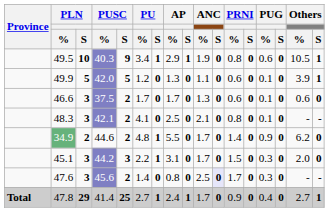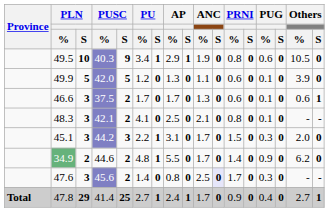 <table class="wikitable sortable" style="text-align:right; font-size:95%; line-height:20px;">
 <tr>
 <th rowspan="3"><a href='#'>Province</a></th>
 <th colspan="2" width="30px"><a href='#'>PLN</a></th>
 <th colspan="2" width="30px"><a href='#'>PUSC</a></th>
 <th colspan="2" width="30px"><a href='#'>PU</a></th>
 <th colspan="2" width="30px">AP</th>
 <th colspan="2" width="30px">ANC</th>
 <th colspan="2" width="30px"><a href='#'>PRNI</a></th>
 <th colspan="2" width="30px">PUG</th>
 <th colspan="2" width="30px">Others</th>
 </tr>
 <tr>
 <th colspan="2" style="background:"></th>
 <th colspan="2" style="background:"></th>
 <th colspan="2" style="background:"></th>
 <th colspan="2" style="background:"></th>
 <th colspan="2" style="background:saddlebrown"></th>
 <th colspan="2" style="background:"></th>
 <th colspan="2" style="background:"></th>
 <th colspan="2" style="background:grey"></th>
 </tr>
 <tr>
 <th data-sort-type="number">%</th>
 <th data-sort-type="number">S</th>
 <th data-sort-type="number">%</th>
 <th data-sort-type="number">S</th>
 <th data-sort-type="number">%</th>
 <th data-sort-type="number">S</th>
 <th data-sort-type="number">%</th>
 <th data-sort-type="number">S</th>
 <th data-sort-type="number">%</th>
 <th data-sort-type="number">S</th>
 <th data-sort-type="number">%</th>
 <th data-sort-type="number">S</th>
 <th data-sort-type="number">%</th>
 <th data-sort-type="number">S</th>
 <th data-sort-type="number">%</th>
 <th data-sort-type="number">S</th>
 </tr>
 <tr>
 <td align="left"></td>
 <td style="background:">49.5</td>
 <td><strong>10</strong></td>
 <td style="background:#7F7FC3; color:white;">40.3</td>
 <td><strong>9</strong></td>
 <td>3.4</td>
 <td><strong>1</strong></td>
 <td>2.9</td>
 <td><strong>1</strong></td>
 <td>1.9</td>
 <td><strong>0</strong></td>
 <td>0.8</td>
 <td><strong>0</strong></td>
 <td>0.6</td>
 <td><strong>0</strong></td>
 <td>10.5</td>
-<td><strong>1</strong></td>
+<td><strong>0</strong></td>
 </tr>
 <tr>
 <td align="left"></td>
 <td style="background:">49.9</td>
 <td><strong>5</strong></td>
 <td style="background:#7F7FC3; color:white;">42.0</td>
 <td><strong>5</strong></td>
 <td>1.2</td>
 <td><strong>0</strong></td>
 <td>1.3</td>
 <td><strong>0</strong></td>
 <td>1.1</td>
 <td><strong>0</strong></td>
 <td>0.6</td>
 <td><strong>0</strong></td>
 <td>0.1</td>
 <td><strong>0</strong></td>
 <td>3.9</td>
-<td><strong>1</strong></td>
+<td><strong>0</strong></td>
 </tr>
 <tr>
 <td align="left"></td>
 <td style="background:">46.6</td>
 <td><strong>3</strong></td>
 <td style="background:#7F7FC3; color:white;">37.5</td>
 <td><strong>2</strong></td>
 <td>1.7</td>
 <td><strong>0</strong></td>
 <td>1.7</td>
 <td><strong>0</strong></td>
 <td>1.3</td>
 <td><strong>0</strong></td>
 <td>0.6</td>
 <td><strong>0</strong></td>
 <td>0.1</td>
 <td><strong>0</strong></td>
 <td>0.6</td>
-<td><strong>0</strong></td>
+<td><strong>1</strong></td>
 </tr>
 <tr>
 <td align="left"></td>
 <td style="background:">48.3</td>
 <td><strong>3</strong></td>
 <td style="background:#7F7FC3; color:white;">42.1</td>
 <td><strong>2</strong></td>
 <td>4.1</td>
 <td><strong>0</strong></td>
 <td>2.5</td>
 <td><strong>0</strong></td>
 <td>2.1</td>
 <td><strong>0</strong></td>
 <td>0.8</td>
 <td><strong>0</strong></td>
 <td>0.1</td>
 <td><strong>0</strong></td>
 <td>-</td>
 <td><strong>-</strong></td>
 </tr>
 <tr>
 <td align="left"></td>
+<td style="background:">45.1</td>
+<td><strong>3</strong></td>
+<td style="background:#7F7FC3; color:white;">44.2</td>
+<td><strong>3</strong></td>
+<td>2.2</td>
+<td><strong>1</strong></td>
+<td>3.1</td>
+<td><strong>0</strong></td>
+<td>1.7</td>
+<td><strong>0</strong></td>
+<td>1.5</td>
+<td><strong>0</strong></td>
+<td>0.3</td>
+<td><strong>0</strong></td>
+<td>2.0</td>
+<td><strong>0</strong></td>
+</tr>
+<tr>
+<td align="left"></td>
 <td style="background:#66B27B; color:white;">34.9</td>
 <td><strong>2</strong></td>
 <td style="background:">44.6</td>
 <td><strong>2</strong></td>
 <td>4.8</td>
 <td><strong>1</strong></td>
 <td>5.5</td>
 <td><strong>0</strong></td>
 <td>1.7</td>
 <td><strong>0</strong></td>
 <td>1.4</td>
 <td><strong>0</strong></td>
 <td>0.9</td>
 <td><strong>0</strong></td>
 <td>6.2</td>
-<td><strong>0</strong></td>
-</tr>
-<tr>
-<td align="left"></td>
-<td style="background:">45.1</td>
-<td><strong>3</strong></td>
-<td style="background:#7F7FC3; color:white;">44.2</td>
-<td><strong>3</strong></td>
-<td>2.2</td>
-<td><strong>1</strong></td>
-<td>3.1</td>
-<td><strong>0</strong></td>
-<td>1.7</td>
-<td><strong>0</strong></td>
-<td>1.5</td>
-<td><strong>0</strong></td>
-<td>0.3</td>
-<td><strong>0</strong></td>
-<td>2.0</td>
 <td><strong>0</strong></td>
 </tr>
 <tr>
 <td align="left"></td>
 <td style="background:">47.6</td>
 <td><strong>3</strong></td>
 <td style="background:#7F7FC3; color:white;">45.6</td>
 <td><strong>2</strong></td>
 <td>1.4</td>
 <td><strong>0</strong></td>
 <td>0.8</td>
 <td><strong>0</strong></td>
 <td>2.5</td>
 <td style="background: lavender;"><strong>0</strong></td>
 <td>1.7</td>
 <td><strong>0</strong></td>
 <td>0.3</td>
 <td><strong>0</strong></td>
 <td>-</td>
 <td><strong>-</strong></td>
 </tr>
 <tr style="background:#CDCDCD;">
 <td align="left"><strong>Total</strong></td>
 <td style="background:">47.8</td>
 <td><strong>29</strong></td>
 <td>41.4</td>
 <td><strong>25</strong></td>
 <td>2.7</td>
 <td><strong>1</strong></td>
 <td>2.4</td>
 <td><strong>1</strong></td>
 <td>1.7</td>
 <td><strong>0</strong></td>
 <td>0.9</td>
 <td><strong>0</strong></td>
 <td>0.4</td>
 <td><strong>0</strong></td>
 <td>2.7</td>
 <td><strong>1</strong></td>
 </tr>
 </table>
